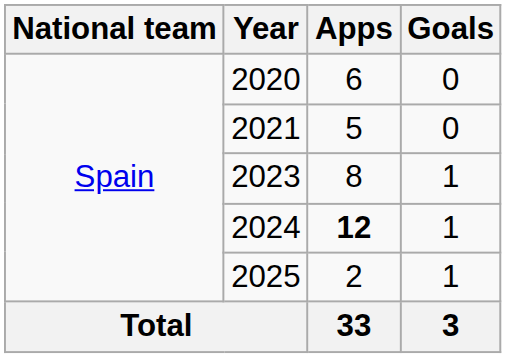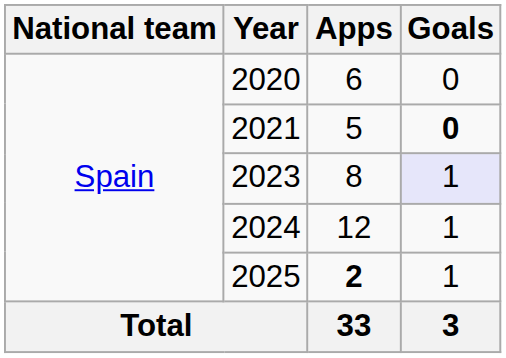 <table class="wikitable" style="text-align: center;">
 <tr>
 <th>National team</th>
 <th>Year</th>
 <th>Apps</th>
 <th>Goals</th>
 </tr>
 <tr>
 <td rowspan="5"><a href='#'>Spain</a></td>
 <td>2020</td>
 <td>6</td>
 <td>0</td>
 </tr>
 <tr>
 <td>2021</td>
 <td>5</td>
-<td>0</td>
+<td><strong>0</strong></td>
 </tr>
 <tr>
 <td>2023</td>
 <td>8</td>
-<td>1</td>
+<td style="background: lavender;">1</td>
 </tr>
 <tr>
 <td>2024</td>
-<td><strong>12</strong></td>
+<td>12</td>
 <td>1</td>
 </tr>
 <tr>
 <td>2025</td>
-<td>2</td>
+<td><strong>2</strong></td>
 <td>1</td>
 </tr>
 <tr>
 <th colspan="2">Total</th>
 <th>33</th>
 <th>3</th>
 </tr>
 </table>
